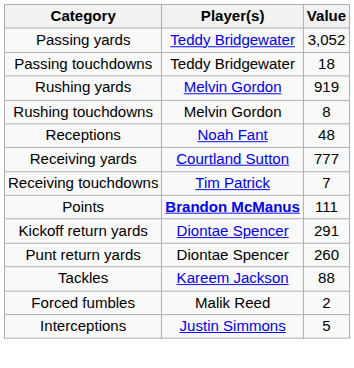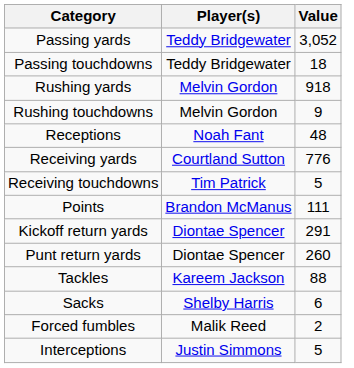 <table class="wikitable" style="text-align:center">
 <tr>
 <th>Category</th>
 <th>Player(s)</th>
 <th>Value</th>
 </tr>
 <tr>
 <td>Passing yards</td>
 <td><a href='#'>Teddy Bridgewater</a></td>
 <td>3,052</td>
 </tr>
 <tr>
 <td>Passing touchdowns</td>
 <td>Teddy Bridgewater</td>
 <td>18</td>
 </tr>
 <tr>
 <td>Rushing yards</td>
 <td><a href='#'>Melvin Gordon</a></td>
-<td>919</td>
+<td>918</td>
 </tr>
 <tr>
 <td>Rushing touchdowns</td>
 <td>Melvin Gordon</td>
-<td>8</td>
+<td>9</td>
 </tr>
 <tr>
 <td>Receptions</td>
 <td><a href='#'>Noah Fant</a></td>
 <td>48</td>
 </tr>
 <tr>
 <td>Receiving yards</td>
 <td><a href='#'>Courtland Sutton</a></td>
-<td>777</td>
+<td>776</td>
 </tr>
 <tr>
 <td>Receiving touchdowns</td>
 <td><a href='#'>Tim Patrick</a></td>
-<td>7</td>
+<td>5</td>
 </tr>
 <tr>
 <td>Points</td>
-<td><strong><a href='#'>Brandon McManus</a></strong></td>
+<td><a href='#'>Brandon McManus</a></td>
 <td>111</td>
 </tr>
 <tr>
 <td>Kickoff return yards</td>
 <td><a href='#'>Diontae Spencer</a></td>
 <td>291</td>
 </tr>
 <tr>
 <td>Punt return yards</td>
 <td>Diontae Spencer</td>
 <td>260</td>
 </tr>
 <tr>
 <td>Tackles</td>
 <td><a href='#'>Kareem Jackson</a></td>
 <td>88</td>
 </tr>
 <tr>
+<td>Sacks</td>
+<td><a href='#'>Shelby Harris</a></td>
+<td>6</td>
+</tr>
+<tr>
 <td>Forced fumbles</td>
 <td>Malik Reed</td>
 <td>2</td>
 </tr>
 <tr>
 <td>Interceptions</td>
 <td><a href='#'>Justin Simmons</a></td>
 <td>5</td>
 </tr>
 </table>
